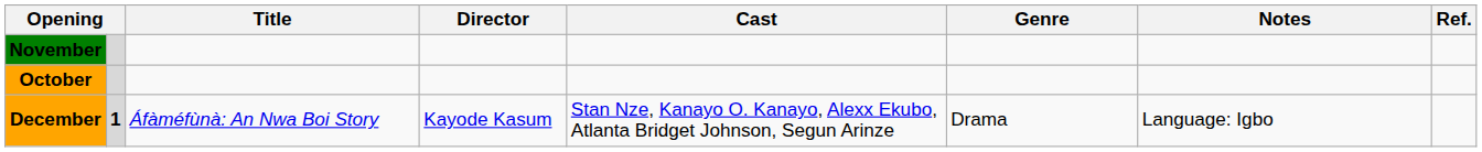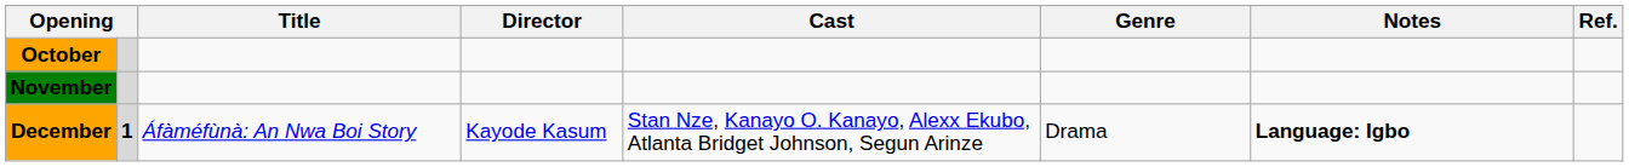 <table class="wikitable">
 <tr>
 <th colspan="2">Opening</th>
 <th style="width:20%;">Title</th>
 <th style="width:10%;">Director</th>
 <th>Cast</th>
 <th style="width:13%">Genre</th>
 <th style="width:20%">Notes</th>
 <th>Ref.</th>
 </tr>
 <tr>
-<td style="text-align:center; background:green; textcolor:#000;"><strong>November</strong></td>
+<td style="text-align:center; background:orange; textcolor:#000;"><strong>October</strong></td>
 <td rowspan="1" style="text-align:center; background:#d8d8d8; textcolor:#000;"></td>
 <td></td>
 <td></td>
 <td></td>
 <td></td>
 <td></td>
 <td></td>
 </tr>
 <tr>
-<td style="text-align:center; background:orange; textcolor:#000;"><strong>October</strong></td>
+<td style="text-align:center; background:green; textcolor:#000;"><strong>November</strong></td>
 <td rowspan="1" style="text-align:center; background:#d8d8d8; textcolor:#000;"></td>
 <td></td>
 <td></td>
 <td></td>
 <td></td>
 <td></td>
 <td></td>
 </tr>
 <tr>
 <td rowspan="1" style="text-align:center; background:orange; textcolor:#000;"><strong>December</strong></td>
 <td rowspan="1" style="text-align:center; background:#d8d8d8; textcolor:#000;"><strong>1</strong></td>
 <td><em><a href='#'>Áfàméfùnà: An Nwa Boi Story</a></em></td>
 <td><a href='#'>Kayode Kasum</a></td>
 <td><a href='#'>Stan Nze</a>, <a href='#'>Kanayo O. Kanayo</a>, <a href='#'>Alexx Ekubo</a>, Atlanta Bridget Johnson, Segun Arinze</td>
 <td>Drama</td>
-<td>Language: Igbo</td>
+<td><strong>Language: Igbo</strong></td>
 <td></td>
 </tr>
 </table>
